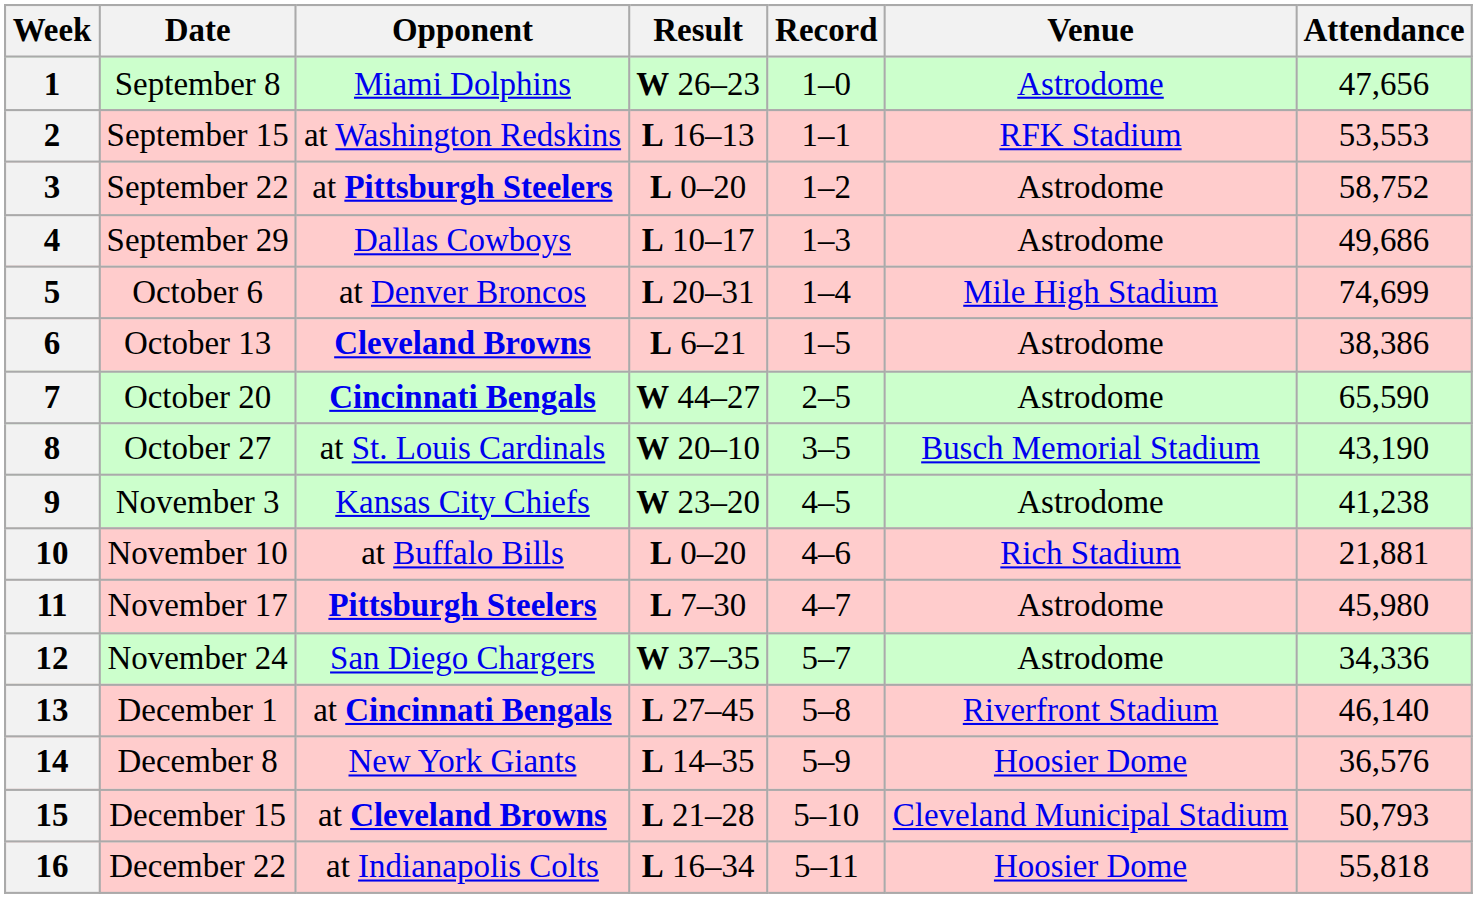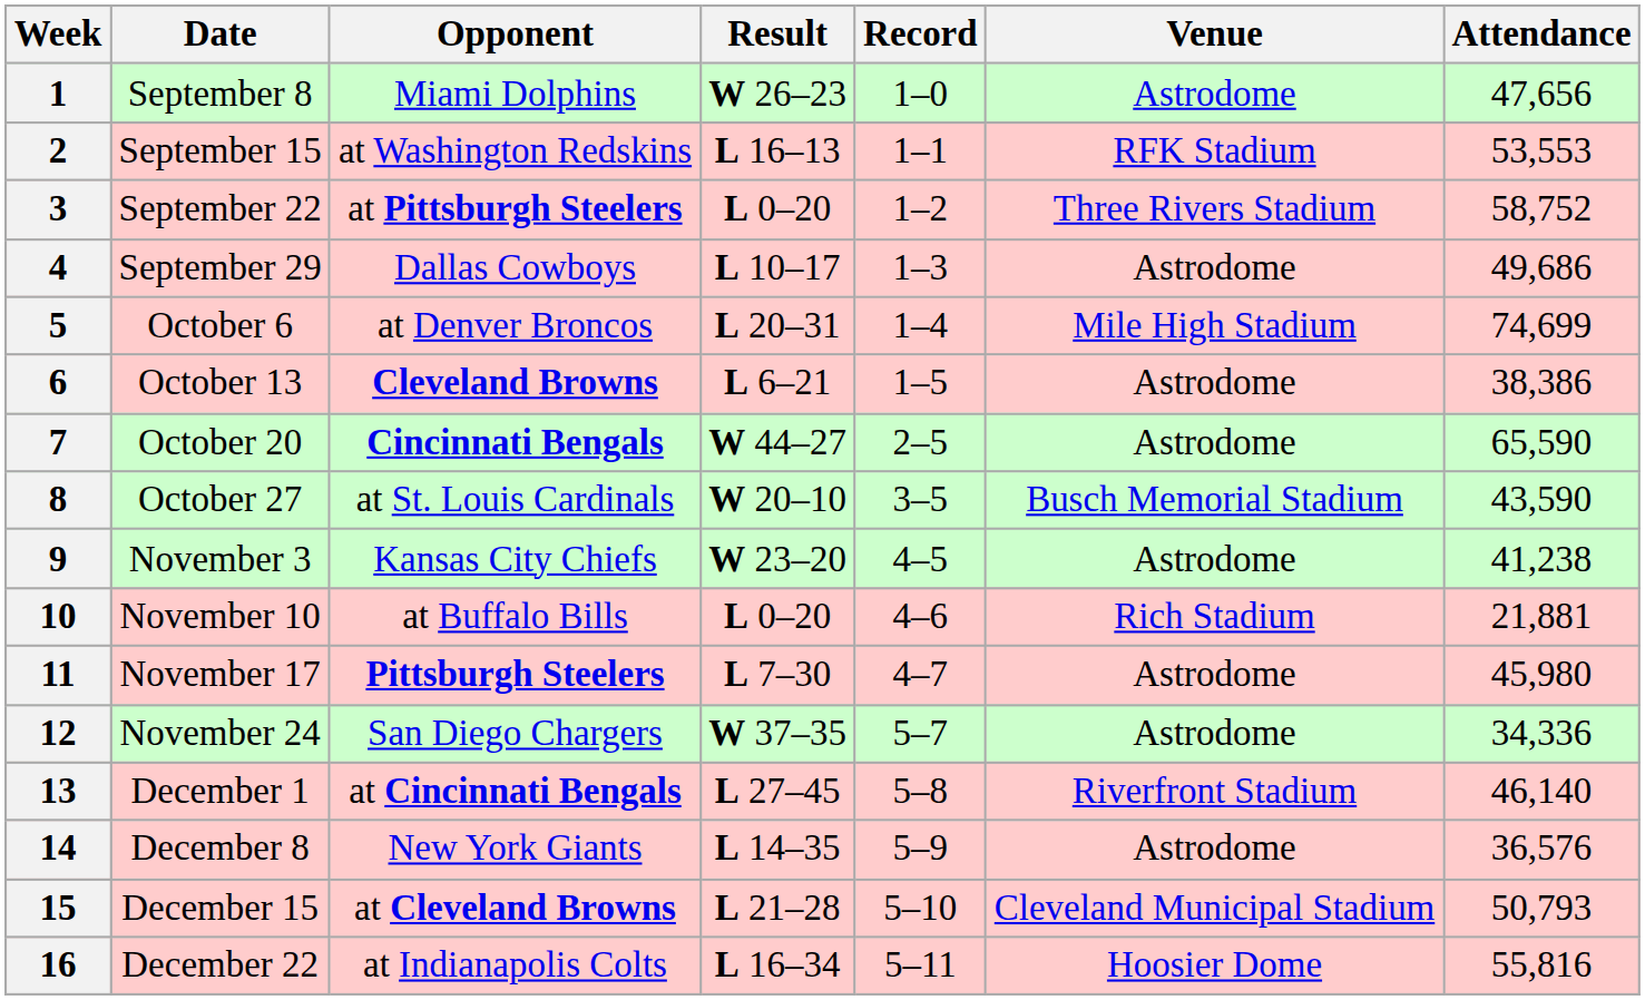 <table class="wikitable" style="text-align:center">
 <tr>
 <th>Week</th>
 <th>Date</th>
 <th>Opponent</th>
 <th>Result</th>
 <th>Record</th>
 <th>Venue</th>
 <th>Attendance</th>
 </tr>
 <tr style="background:#cfc">
 <th>1</th>
 <td>September 8</td>
 <td><a href='#'>Miami Dolphins</a></td>
 <td><strong>W</strong> 26–23</td>
 <td>1–0</td>
 <td><a href='#'>Astrodome</a></td>
 <td>47,656</td>
 </tr>
 <tr style="background:#fcc">
 <th>2</th>
 <td>September 15</td>
 <td>at <a href='#'>Washington Redskins</a></td>
 <td><strong>L</strong> 16–13</td>
 <td>1–1</td>
 <td><a href='#'>RFK Stadium</a></td>
 <td>53,553</td>
 </tr>
 <tr style="background:#fcc">
 <th>3</th>
 <td>September 22</td>
 <td>at <strong><a href='#'>Pittsburgh Steelers</a></strong></td>
 <td><strong>L</strong> 0–20</td>
 <td>1–2</td>
-<td>Astrodome</td>
+<td><a href='#'>Three Rivers Stadium</a></td>
 <td>58,752</td>
 </tr>
 <tr style="background:#fcc">
 <th>4</th>
 <td>September 29</td>
 <td><a href='#'>Dallas Cowboys</a></td>
 <td><strong>L</strong> 10–17</td>
 <td>1–3</td>
 <td>Astrodome</td>
 <td>49,686</td>
 </tr>
 <tr style="background:#fcc">
 <th>5</th>
 <td>October 6</td>
 <td>at <a href='#'>Denver Broncos</a></td>
 <td><strong>L</strong> 20–31</td>
 <td>1–4</td>
 <td><a href='#'>Mile High Stadium</a></td>
 <td>74,699</td>
 </tr>
 <tr style="background:#fcc">
 <th>6</th>
 <td>October 13</td>
 <td><strong><a href='#'>Cleveland Browns</a></strong></td>
 <td><strong>L</strong> 6–21</td>
 <td>1–5</td>
 <td>Astrodome</td>
 <td>38,386</td>
 </tr>
 <tr style="background:#cfc">
 <th>7</th>
 <td>October 20</td>
 <td><strong><a href='#'>Cincinnati Bengals</a></strong></td>
 <td><strong>W</strong> 44–27</td>
 <td>2–5</td>
 <td>Astrodome</td>
 <td>65,590</td>
 </tr>
 <tr style="background:#cfc">
 <th>8</th>
 <td>October 27</td>
 <td>at <a href='#'>St. Louis Cardinals</a></td>
 <td><strong>W</strong> 20–10</td>
 <td>3–5</td>
 <td><a href='#'>Busch Memorial Stadium</a></td>
-<td>43,190</td>
+<td>43,590</td>
 </tr>
 <tr style="background:#cfc">
 <th>9</th>
 <td>November 3</td>
 <td><a href='#'>Kansas City Chiefs</a></td>
 <td><strong>W</strong> 23–20</td>
 <td>4–5</td>
 <td>Astrodome</td>
 <td>41,238</td>
 </tr>
 <tr style="background:#fcc">
 <th>10</th>
 <td>November 10</td>
 <td>at <a href='#'>Buffalo Bills</a></td>
 <td><strong>L</strong> 0–20</td>
 <td>4–6</td>
 <td><a href='#'>Rich Stadium</a></td>
 <td>21,881</td>
 </tr>
 <tr style="background:#fcc">
 <th>11</th>
 <td>November 17</td>
 <td><strong><a href='#'>Pittsburgh Steelers</a></strong></td>
 <td><strong>L</strong> 7–30</td>
 <td>4–7</td>
 <td>Astrodome</td>
 <td>45,980</td>
 </tr>
 <tr style="background:#cfc">
 <th>12</th>
 <td>November 24</td>
 <td><a href='#'>San Diego Chargers</a></td>
 <td><strong>W</strong> 37–35</td>
 <td>5–7</td>
 <td>Astrodome</td>
 <td>34,336</td>
 </tr>
 <tr style="background:#fcc">
 <th>13</th>
 <td>December 1</td>
 <td>at <strong><a href='#'>Cincinnati Bengals</a></strong></td>
 <td><strong>L</strong> 27–45</td>
 <td>5–8</td>
 <td><a href='#'>Riverfront Stadium</a></td>
 <td>46,140</td>
 </tr>
 <tr style="background:#fcc">
 <th>14</th>
 <td>December 8</td>
 <td><a href='#'>New York Giants</a></td>
 <td><strong>L</strong> 14–35</td>
 <td>5–9</td>
-<td><a href='#'>Hoosier Dome</a></td>
+<td>Astrodome</td>
 <td>36,576</td>
 </tr>
 <tr style="background:#fcc">
 <th>15</th>
 <td>December 15</td>
 <td>at <strong><a href='#'>Cleveland Browns</a></strong></td>
 <td><strong>L</strong> 21–28</td>
 <td>5–10</td>
 <td><a href='#'>Cleveland Municipal Stadium</a></td>
 <td>50,793</td>
 </tr>
 <tr style="background:#fcc">
 <th>16</th>
 <td>December 22</td>
 <td>at <a href='#'>Indianapolis Colts</a></td>
 <td><strong>L</strong> 16–34</td>
 <td>5–11</td>
 <td><a href='#'>Hoosier Dome</a></td>
-<td>55,818</td>
+<td>55,816</td>
 </tr>
 </table>
